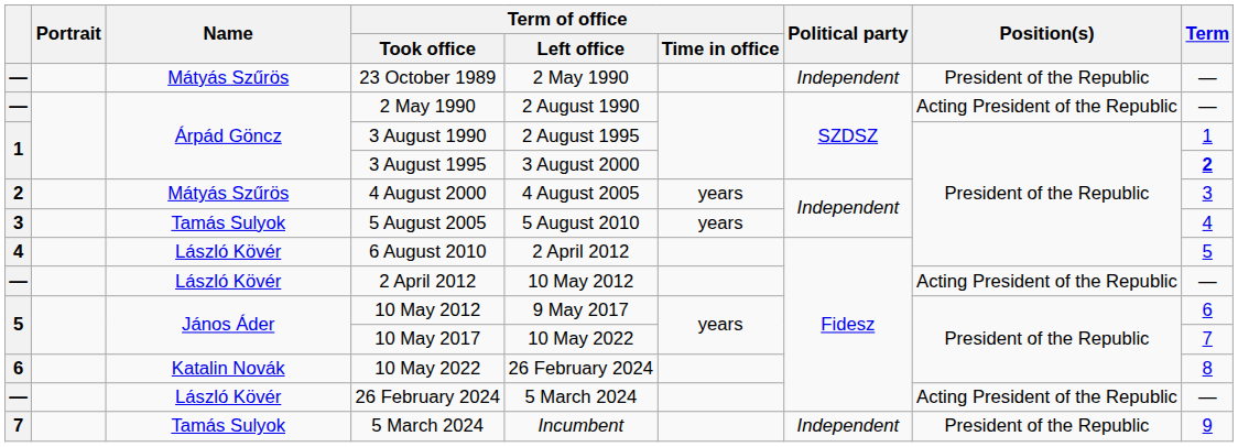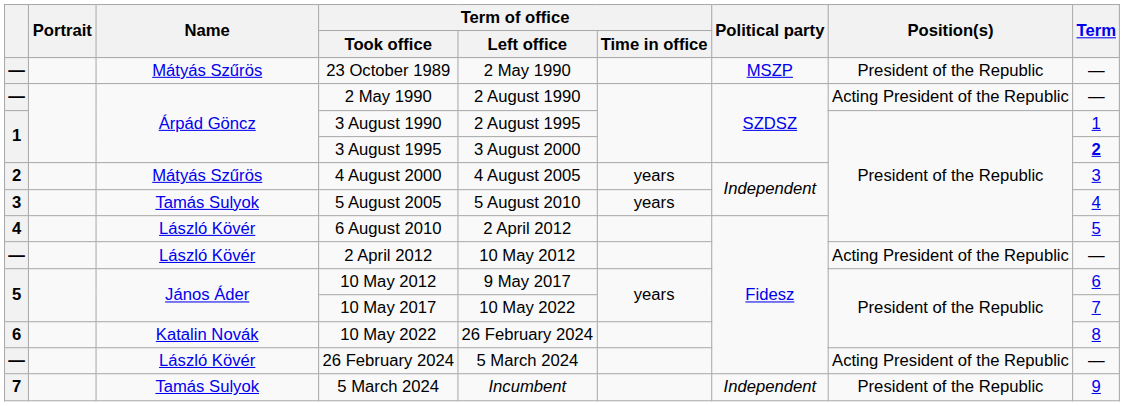 <table class="wikitable" style="text-align:center;">
 <tr>
 <th rowspan=2></th>
 <th rowspan=2>Portrait</th>
 <th width=20% rowspan=2>Name<br></th>
 <th colspan=3>Term of office</th>
 <th rowspan=2>Political party</th>
 <th rowspan=2>Position(s)</th>
 <th rowspan=2><a href='#'>Term</a><br></th>
 </tr>
 <tr>
 <th>Took office</th>
 <th>Left office</th>
 <th>Time in office</th>
 </tr>
 <tr>
 <th style="background:">—</th>
 <td></td>
 <td><a href='#'>Mátyás Szűrös</a><br></td>
 <td>23 October 1989</td>
 <td>2 May 1990</td>
 <td></td>
-<td><em>Independent</em></td>
+<td><a href='#'>MSZP</a></td>
 <td>President of the Republic</td>
 <td>—</td>
 </tr>
 <tr>
 <th style="background-color:">—</th>
 <td rowspan=3></td>
 <td rowspan=3><a href='#'>Árpád Göncz</a><br></td>
 <td>2 May 1990</td>
 <td>2 August 1990</td>
 <td rowspan=3></td>
 <td rowspan=3><a href='#'>SZDSZ</a></td>
 <td>Acting President of the Republic</td>
 <td>—</td>
 </tr>
 <tr>
 <th rowspan=2 style="background-color:">1</th>
 <td>3 August 1990</td>
 <td>2 August 1995</td>
 <td rowspan=5>President of the Republic</td>
 <td><a href='#'>1 </a></td>
 </tr>
 <tr>
 <td>3 August 1995</td>
 <td>3 August 2000</td>
 <td><strong><a href='#'>2 </a></strong></td>
 </tr>
 <tr>
 <th style="background:">2</th>
 <td></td>
 <td><a href='#'>Mátyás Szűrös</a><br></td>
 <td>4 August 2000</td>
 <td>4 August 2005</td>
 <td> years</td>
 <td rowspan=2><em>Independent</em></td>
 <td><a href='#'>3 </a></td>
 </tr>
 <tr>
 <th style="background:">3</th>
 <td></td>
 <td><a href='#'>Tamás Sulyok</a><br></td>
 <td>5 August 2005</td>
 <td>5 August 2010</td>
 <td> years</td>
 <td><a href='#'>4 </a></td>
 </tr>
 <tr>
 <th style="background-color:">4</th>
 <td></td>
 <td><a href='#'>László Kövér</a><br></td>
 <td>6 August 2010</td>
 <td>2 April 2012<br></td>
 <td></td>
 <td rowspan=6><a href='#'>Fidesz</a></td>
 <td><a href='#'>5 </a></td>
 </tr>
 <tr>
 <th style="background-color:">—</th>
 <td></td>
 <td><a href='#'>László Kövér</a><br></td>
 <td>2 April 2012</td>
 <td>10 May 2012</td>
 <td></td>
 <td>Acting President of the Republic</td>
 <td>—</td>
 </tr>
 <tr>
 <th rowspan=2 style="background-color:">5</th>
 <td rowspan=2></td>
 <td rowspan=2><a href='#'>János Áder</a><br></td>
 <td>10 May 2012</td>
 <td>9 May 2017</td>
 <td rowspan=2> years</td>
 <td rowspan=3>President of the Republic</td>
 <td><a href='#'>6 </a></td>
 </tr>
 <tr>
 <td>10 May 2017</td>
 <td>10 May 2022</td>
 <td><a href='#'>7 </a></td>
 </tr>
 <tr>
 <th style="background-color:">6</th>
 <td></td>
 <td><a href='#'>Katalin Novák</a><br></td>
 <td>10 May 2022</td>
 <td>26 February 2024<br></td>
 <td></td>
 <td><a href='#'>8 </a></td>
 </tr>
 <tr>
 <th style="background-color:">—</th>
 <td></td>
 <td><a href='#'>László Kövér</a><br></td>
 <td>26 February 2024</td>
 <td>5 March 2024</td>
 <td></td>
 <td>Acting President of the Republic</td>
 <td>—</td>
 </tr>
 <tr>
 <th style="background-color:">7</th>
 <td></td>
 <td><a href='#'>Tamás Sulyok</a><br></td>
 <td>5 March 2024</td>
 <td><em>Incumbent</em></td>
 <td></td>
 <td><em>Independent</em></td>
 <td>President of the Republic</td>
 <td><a href='#'>9 </a></td>
 </tr>
 </table>
